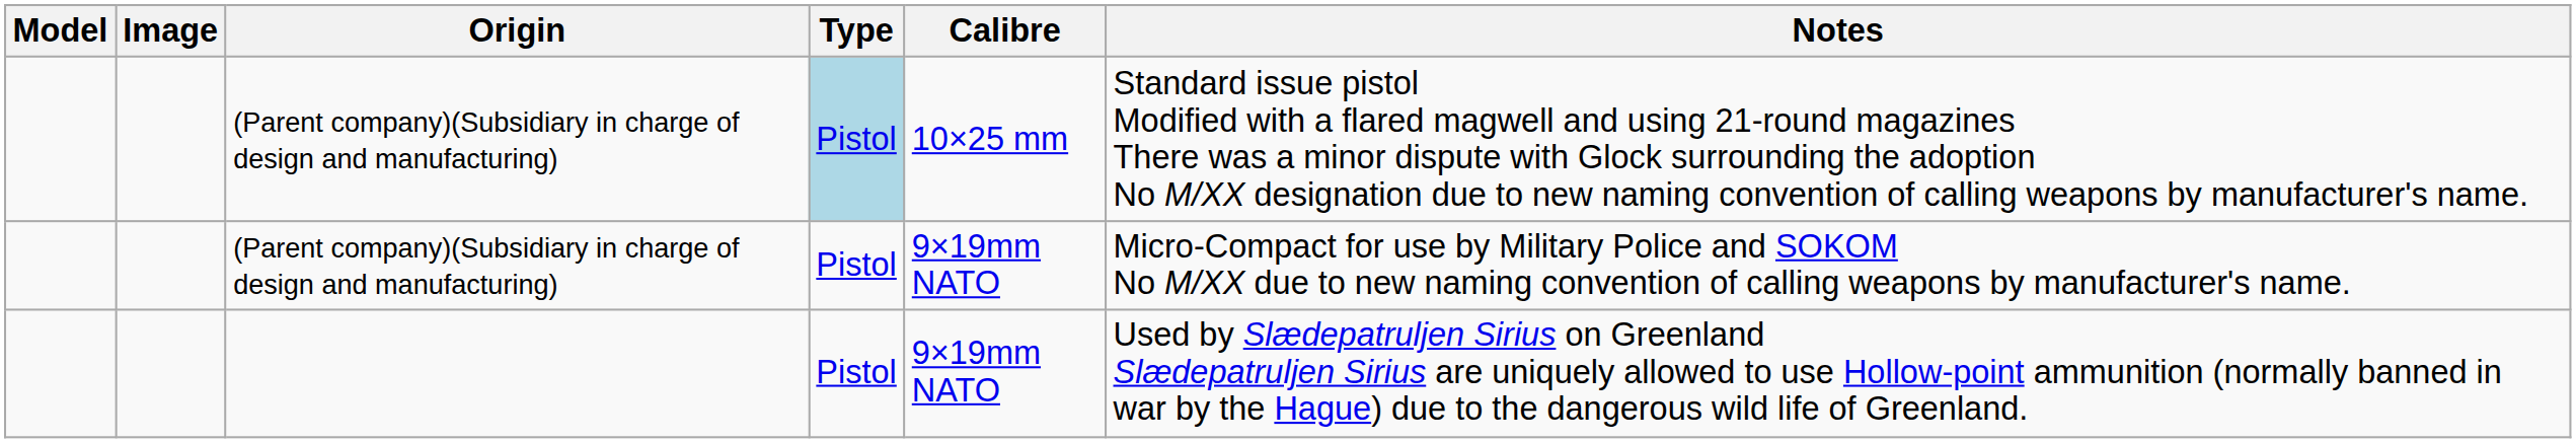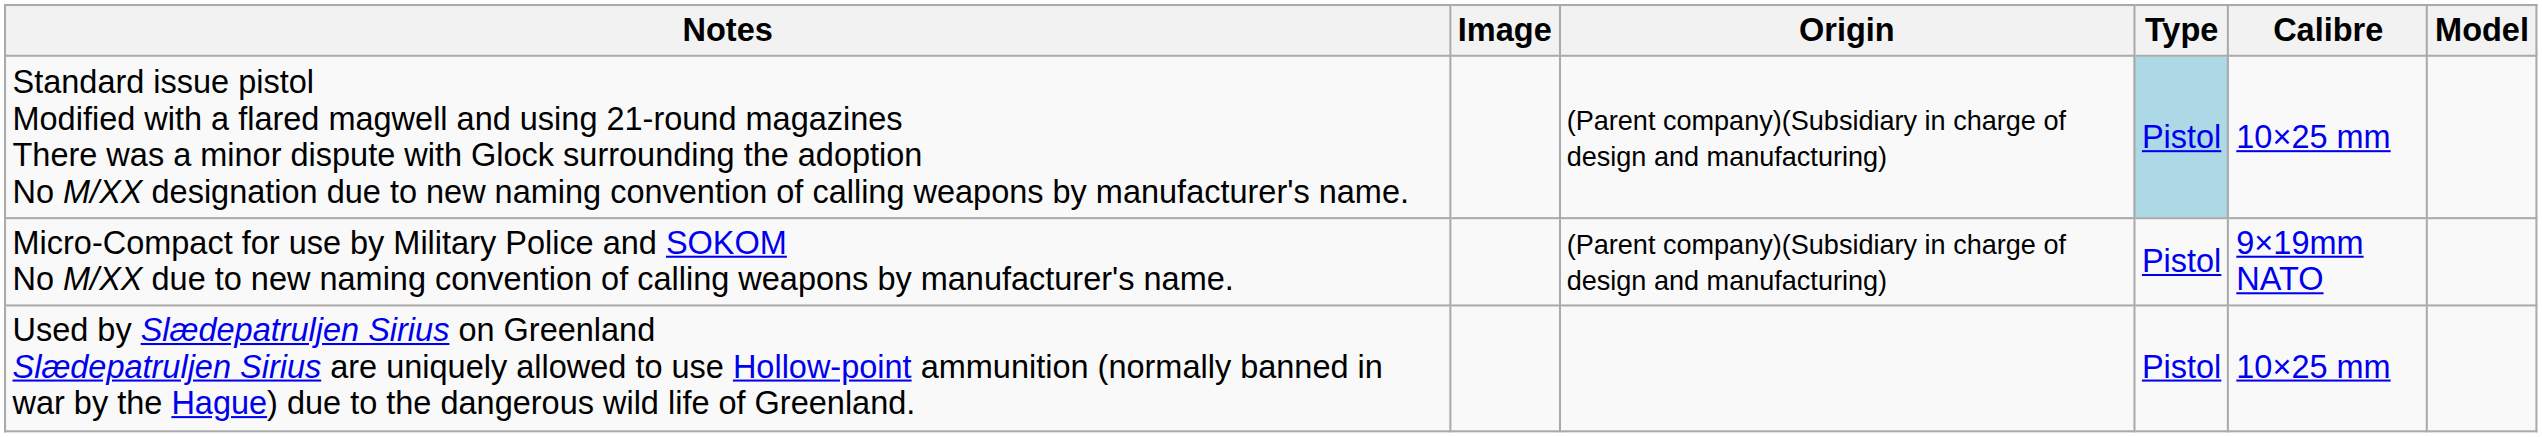 <table class="wikitable sortable">
 <tr>
-<th>Model</th>
+<th>Notes</th>
 <th>Image</th>
 <th>Origin</th>
 <th>Type</th>
 <th>Calibre</th>
-<th>Notes</th>
+<th>Model</th>
 </tr>
 <tr>
-<td></td>
+<td>Standard issue pistol<br>Modified with a flared magwell and using 21-round magazines<br>There was a minor dispute with Glock surrounding the adoption<br>No <em>M/XX</em> designation due to new naming convention of calling weapons by manufacturer's name.</td>
 <td></td>
 <td><small>(Parent company)</small><small>(Subsidiary in charge of design and manufacturing)</small></td>
 <td style="background: lightblue;"><a href='#'>Pistol</a></td>
 <td><a href='#'>10×25 mm</a></td>
-<td>Standard issue pistol<br>Modified with a flared magwell and using 21-round magazines<br>There was a minor dispute with Glock surrounding the adoption<br>No <em>M/XX</em> designation due to new naming convention of calling weapons by manufacturer's name.</td>
+<td></td>
 </tr>
 <tr>
-<td></td>
+<td>Micro-Compact for use by Military Police and <a href='#'>SOKOM</a><br>No <em>M/XX</em> due to new naming convention of calling weapons by manufacturer's name.</td>
 <td></td>
 <td><small>(Parent company)</small><small>(Subsidiary in charge of design and manufacturing)</small></td>
 <td><a href='#'>Pistol</a></td>
 <td><a href='#'>9×19mm NATO</a></td>
-<td>Micro-Compact for use by Military Police and <a href='#'>SOKOM</a><br>No <em>M/XX</em> due to new naming convention of calling weapons by manufacturer's name.</td>
+<td></td>
 </tr>
 <tr>
-<td></td>
+<td>Used by <em><a href='#'>Slædepatruljen Sirius</a></em> on Greenland<br><em><a href='#'>Slædepatruljen Sirius</a></em> are uniquely allowed to use <a href='#'>Hollow-point</a> ammunition (normally banned in war by the <a href='#'>Hague</a>) due to the dangerous wild life of Greenland.</td>
 <td></td>
 <td></td>
 <td><a href='#'>Pistol</a></td>
-<td><a href='#'>9×19mm NATO</a></td>
-<td>Used by <em><a href='#'>Slædepatruljen Sirius</a></em> on Greenland<br><em><a href='#'>Slædepatruljen Sirius</a></em> are uniquely allowed to use <a href='#'>Hollow-point</a> ammunition (normally banned in war by the <a href='#'>Hague</a>) due to the dangerous wild life of Greenland.</td>
+<td><a href='#'>10×25 mm</a></td>
+<td></td>
 </tr>
 </table>
